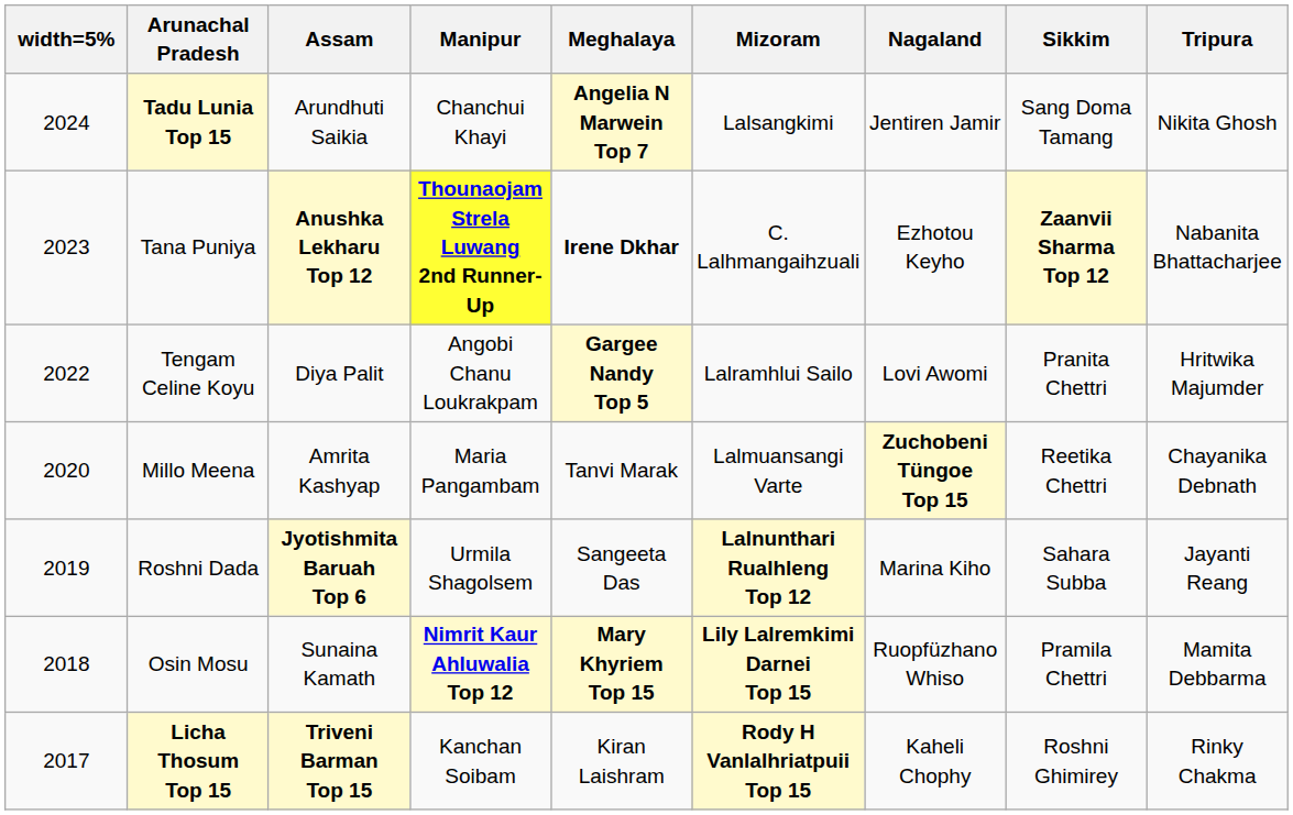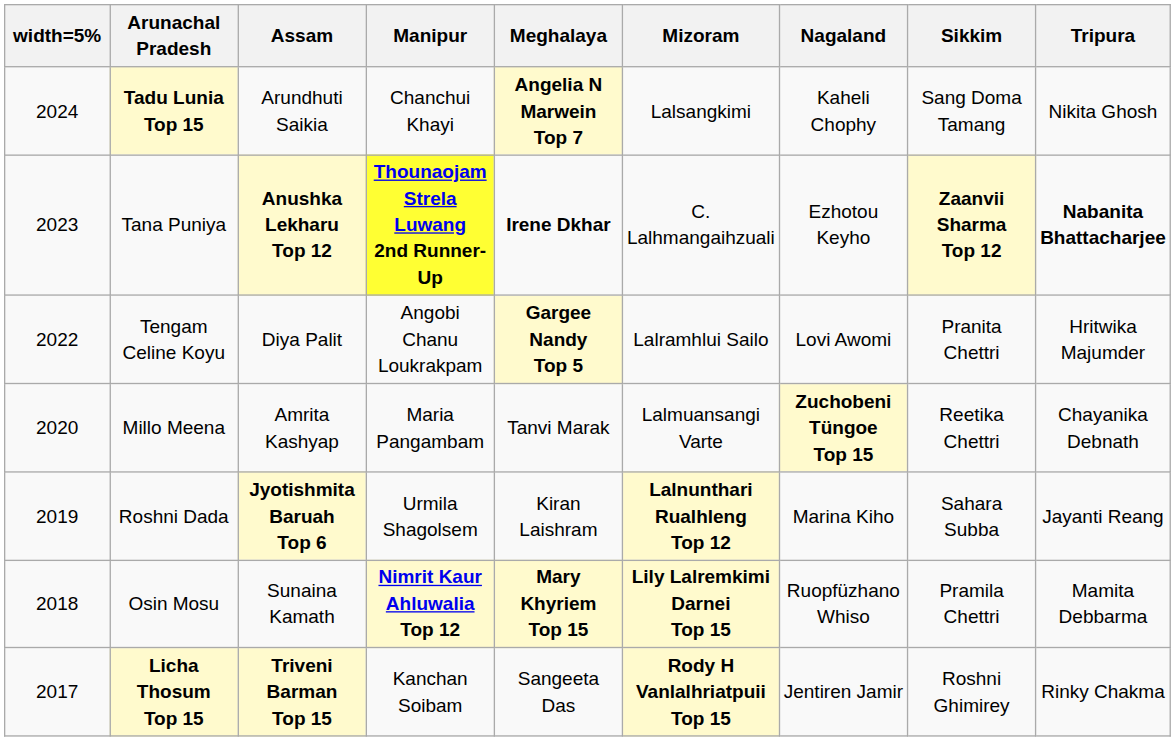 <table class="wikitable" style="text-align:center; line-height:20px; font-size:90%; width:100%;">
 <tr>
 <th>width=5%</th>
 <th width=11%>Arunachal Pradesh</th>
 <th width=11%>Assam</th>
 <th width=11%>Manipur</th>
 <th width=11%>Meghalaya</th>
 <th width=11%>Mizoram</th>
 <th width=11%>Nagaland</th>
 <th width=11%>Sikkim</th>
 <th width=11%>Tripura</th>
 </tr>
 <tr>
 <td>2024</td>
 <td style="background:#FFFACD;"><strong>Tadu Lunia<br>Top 15</strong></td>
 <td>Arundhuti Saikia</td>
 <td>Chanchui Khayi</td>
 <td style="background:#FFFACD;"><strong>Angelia N Marwein<br>Top 7</strong></td>
 <td>Lalsangkimi</td>
-<td>Jentiren Jamir</td>
+<td>Kaheli Chophy</td>
 <td>Sang Doma Tamang</td>
 <td>Nikita Ghosh</td>
 </tr>
 <tr>
 <td>2023</td>
 <td>Tana Puniya</td>
 <td style="background:#FFFACD;"><strong>Anushka Lekharu<br>Top 12</strong></td>
 <td style="background:#FFFF33;"><strong><a href='#'>Thounaojam Strela Luwang</a><br>2nd Runner-Up</strong></td>
 <td><strong>Irene Dkhar</strong></td>
 <td>C. Lalhmangaihzuali</td>
 <td>Ezhotou Keyho</td>
 <td style="background:#FFFACD;"><strong>Zaanvii Sharma<br>Top 12</strong></td>
-<td>Nabanita Bhattacharjee</td>
+<td><strong>Nabanita Bhattacharjee</strong></td>
 </tr>
 <tr>
 <td>2022</td>
 <td>Tengam Celine Koyu</td>
 <td>Diya Palit</td>
 <td>Angobi Chanu Loukrakpam</td>
 <td style="background:#FFFACD;"><strong>Gargee Nandy<br>Top 5</strong></td>
 <td>Lalramhlui Sailo</td>
 <td>Lovi Awomi</td>
 <td>Pranita Chettri</td>
 <td>Hritwika Majumder</td>
 </tr>
 <tr>
 <td>2020</td>
 <td>Millo Meena</td>
 <td>Amrita Kashyap</td>
 <td>Maria Pangambam</td>
 <td>Tanvi Marak</td>
 <td>Lalmuansangi Varte</td>
 <td style="background:#FFFACD;"><strong>Zuchobeni Tüngoe<br>Top 15</strong></td>
 <td>Reetika Chettri</td>
 <td>Chayanika Debnath</td>
 </tr>
 <tr>
 <td>2019</td>
 <td>Roshni Dada</td>
 <td style="background:#FFFACD;"><strong>Jyotishmita Baruah<br>Top 6</strong></td>
 <td>Urmila Shagolsem</td>
-<td>Sangeeta Das</td>
+<td>Kiran Laishram</td>
 <td style="background:#FFFACD;"><strong>Lalnunthari Rualhleng<br>Top 12</strong></td>
 <td>Marina Kiho</td>
 <td>Sahara Subba</td>
 <td>Jayanti Reang</td>
 </tr>
 <tr>
 <td>2018</td>
 <td>Osin Mosu</td>
 <td>Sunaina Kamath</td>
 <td style="background:#FFFACD;"><strong><a href='#'>Nimrit Kaur Ahluwalia</a><br>Top 12</strong></td>
 <td style="background:#FFFACD;"><strong>Mary Khyriem<br>Top 15</strong></td>
 <td style="background:#FFFACD;"><strong>Lily Lalremkimi Darnei<br>Top 15</strong></td>
 <td>Ruopfüzhano Whiso</td>
 <td>Pramila Chettri</td>
 <td>Mamita Debbarma</td>
 </tr>
 <tr>
 <td>2017</td>
 <td style="background:#FFFACD;"><strong>Licha Thosum<br>Top 15</strong></td>
 <td style="background:#FFFACD;"><strong>Triveni Barman<br>Top 15</strong></td>
 <td>Kanchan Soibam</td>
-<td>Kiran Laishram</td>
+<td>Sangeeta Das</td>
 <td style="background:#FFFACD;"><strong>Rody H Vanlalhriatpuii<br>Top 15</strong></td>
-<td>Kaheli Chophy</td>
+<td>Jentiren Jamir</td>
 <td>Roshni Ghimirey</td>
 <td>Rinky Chakma</td>
 </tr>
 </table>
